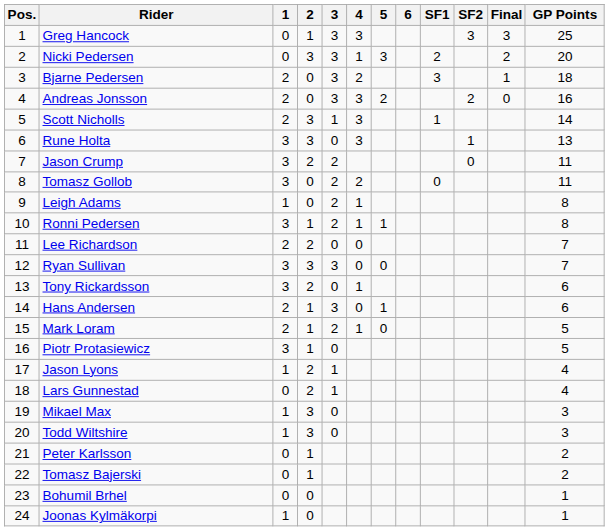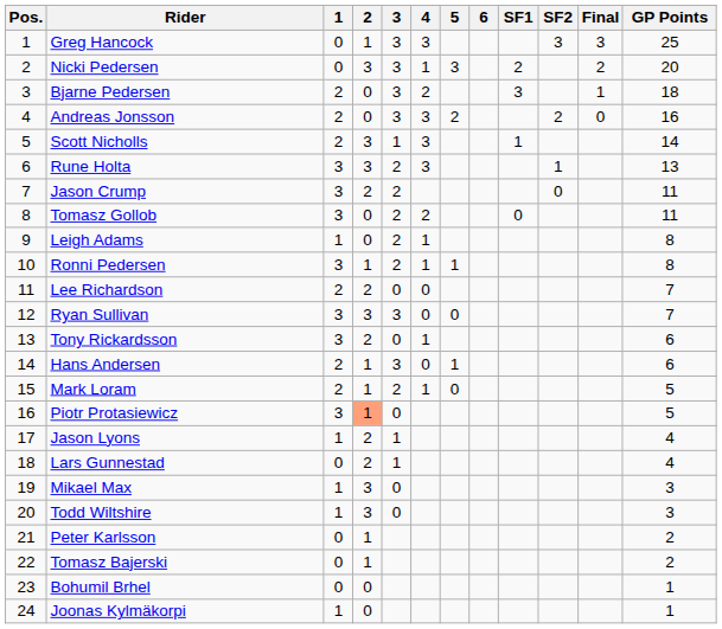 <table class=wikitable style="font-size:93%;">
 <tr>
 <th width=25px>Pos.</th>
 <th width=250px>Rider</th>
 <th width=20px>1</th>
 <th width=20px>2</th>
 <th width=20px>3</th>
 <th width=20px>4</th>
 <th width=20px>5</th>
 <th width=20px>6</th>
 <th width=30px>SF1</th>
 <th width=30px>SF2</th>
 <th width=30px>Final</th>
 <th width=80px>GP Points</th>
 </tr>
 <tr align=center style="background-color:">
 <td>1</td>
 <td align=left> <a href='#'>Greg Hancock</a></td>
 <td>0</td>
 <td>1</td>
 <td>3</td>
 <td>3</td>
 <td></td>
 <td></td>
 <td></td>
 <td>3</td>
 <td>3</td>
 <td>25</td>
 </tr>
 <tr align=center style="background-color:">
 <td>2</td>
 <td align=left> <a href='#'>Nicki Pedersen</a></td>
 <td>0</td>
 <td>3</td>
 <td>3</td>
 <td>1</td>
 <td>3</td>
 <td></td>
 <td> 2</td>
 <td></td>
 <td>2</td>
 <td>20</td>
 </tr>
 <tr align=center style="background-color:">
 <td>3</td>
 <td align=left> <a href='#'>Bjarne Pedersen</a></td>
 <td>2</td>
 <td>0</td>
 <td>3</td>
 <td>2</td>
 <td></td>
 <td></td>
 <td>3</td>
 <td></td>
 <td>1</td>
 <td>18</td>
 </tr>
 <tr align=center>
 <td>4</td>
 <td align=left> <a href='#'>Andreas Jonsson</a></td>
 <td>2</td>
 <td>0</td>
 <td>3</td>
 <td>3</td>
 <td>2</td>
 <td></td>
 <td></td>
 <td>2</td>
 <td>0</td>
 <td>16</td>
 </tr>
 <tr align=center>
 <td>5</td>
 <td align=left> <a href='#'>Scott Nicholls</a></td>
 <td>2</td>
 <td>3</td>
 <td>1</td>
 <td>3</td>
 <td></td>
 <td></td>
 <td>1</td>
 <td></td>
 <td></td>
 <td>14</td>
 </tr>
 <tr align=center>
 <td>6</td>
 <td align=left> <a href='#'>Rune Holta</a></td>
 <td>3</td>
 <td>3</td>
-<td>0</td>
+<td>2</td>
 <td>3</td>
 <td></td>
 <td></td>
 <td></td>
 <td>1</td>
 <td></td>
 <td>13</td>
 </tr>
 <tr align=center>
 <td>7</td>
 <td align=left> <a href='#'>Jason Crump</a></td>
 <td>3</td>
 <td>2</td>
 <td>2</td>
 <td></td>
 <td></td>
 <td></td>
 <td></td>
 <td>0</td>
 <td></td>
 <td>11</td>
 </tr>
 <tr align=center>
 <td>8</td>
 <td align=left> <a href='#'>Tomasz Gollob</a></td>
 <td>3</td>
 <td>0</td>
 <td>2</td>
 <td>2</td>
 <td></td>
 <td></td>
 <td>0</td>
 <td></td>
 <td></td>
 <td>11</td>
 </tr>
 <tr align=center>
 <td>9</td>
 <td align=left> <a href='#'>Leigh Adams</a></td>
 <td>1</td>
 <td>0</td>
 <td>2</td>
 <td>1</td>
 <td></td>
 <td></td>
 <td></td>
 <td></td>
 <td></td>
 <td>8</td>
 </tr>
 <tr align=center>
 <td>10</td>
 <td align=left> <a href='#'>Ronni Pedersen</a></td>
 <td>3</td>
 <td>1</td>
 <td>2</td>
 <td>1</td>
 <td>1</td>
 <td></td>
 <td></td>
 <td></td>
 <td></td>
 <td>8</td>
 </tr>
 <tr align=center>
 <td>11</td>
 <td align=left> <a href='#'>Lee Richardson</a></td>
 <td>2</td>
 <td>2</td>
 <td>0</td>
 <td>0</td>
 <td></td>
 <td></td>
 <td></td>
 <td></td>
 <td></td>
 <td>7</td>
 </tr>
 <tr align=center>
 <td>12</td>
 <td align=left> <a href='#'>Ryan Sullivan</a></td>
 <td>3</td>
 <td>3</td>
 <td>3</td>
 <td>0</td>
 <td>0</td>
 <td></td>
 <td></td>
 <td></td>
 <td></td>
 <td>7</td>
 </tr>
 <tr align=center>
 <td>13</td>
 <td align=left> <a href='#'>Tony Rickardsson</a></td>
 <td>3</td>
 <td>2</td>
 <td>0</td>
 <td>1</td>
 <td></td>
 <td></td>
 <td></td>
 <td></td>
 <td></td>
 <td>6</td>
 </tr>
 <tr align=center>
 <td>14</td>
 <td align=left> <a href='#'>Hans Andersen</a></td>
 <td>2</td>
 <td>1</td>
 <td>3</td>
 <td>0</td>
 <td>1</td>
 <td></td>
 <td></td>
 <td></td>
 <td></td>
 <td>6</td>
 </tr>
 <tr align=center>
 <td>15</td>
 <td align=left> <a href='#'>Mark Loram</a></td>
 <td>2</td>
 <td>1</td>
 <td>2</td>
 <td>1</td>
 <td>0</td>
 <td></td>
 <td></td>
 <td></td>
 <td></td>
 <td>5</td>
 </tr>
 <tr align=center>
 <td>16</td>
 <td align=left> <a href='#'>Piotr Protasiewicz</a></td>
 <td>3</td>
-<td>1</td>
+<td style="background: lightsalmon;">1</td>
 <td>0</td>
 <td></td>
 <td></td>
 <td></td>
 <td></td>
 <td></td>
 <td></td>
 <td>5</td>
 </tr>
 <tr align=center>
 <td>17</td>
 <td align=left> <a href='#'>Jason Lyons</a></td>
 <td>1</td>
 <td>2</td>
 <td>1</td>
 <td></td>
 <td></td>
 <td></td>
 <td></td>
 <td></td>
 <td></td>
 <td>4</td>
 </tr>
 <tr align=center>
 <td>18</td>
 <td align=left> <a href='#'>Lars Gunnestad</a></td>
 <td>0</td>
 <td>2</td>
 <td>1</td>
 <td></td>
 <td></td>
 <td></td>
 <td></td>
 <td></td>
 <td></td>
 <td>4</td>
 </tr>
 <tr align=center>
 <td>19</td>
 <td align=left> <a href='#'>Mikael Max</a></td>
 <td>1</td>
 <td>3</td>
 <td>0</td>
 <td></td>
 <td></td>
 <td></td>
 <td></td>
 <td></td>
 <td></td>
 <td>3</td>
 </tr>
 <tr align=center>
 <td>20</td>
 <td align=left> <a href='#'>Todd Wiltshire</a></td>
 <td>1</td>
 <td>3</td>
 <td>0</td>
 <td></td>
 <td></td>
 <td></td>
 <td></td>
 <td></td>
 <td></td>
 <td>3</td>
 </tr>
 <tr align=center>
 <td>21</td>
 <td align=left> <a href='#'>Peter Karlsson</a></td>
 <td>0</td>
 <td>1</td>
 <td></td>
 <td></td>
 <td></td>
 <td></td>
 <td></td>
 <td></td>
 <td></td>
 <td>2</td>
 </tr>
 <tr align=center>
 <td>22</td>
 <td align=left> <a href='#'>Tomasz Bajerski</a></td>
 <td>0</td>
 <td>1</td>
 <td></td>
 <td></td>
 <td></td>
 <td></td>
 <td></td>
 <td></td>
 <td></td>
 <td>2</td>
 </tr>
 <tr align=center>
 <td>23</td>
 <td align=left> <a href='#'>Bohumil Brhel</a></td>
 <td>0</td>
 <td>0</td>
 <td></td>
 <td></td>
 <td></td>
 <td></td>
 <td></td>
 <td></td>
 <td></td>
 <td>1</td>
 </tr>
 <tr align=center>
 <td>24</td>
 <td align=left> <a href='#'>Joonas Kylmäkorpi</a></td>
 <td>1</td>
 <td>0</td>
 <td></td>
 <td></td>
 <td></td>
 <td></td>
 <td></td>
 <td></td>
 <td></td>
 <td>1</td>
 </tr>
 </table>
